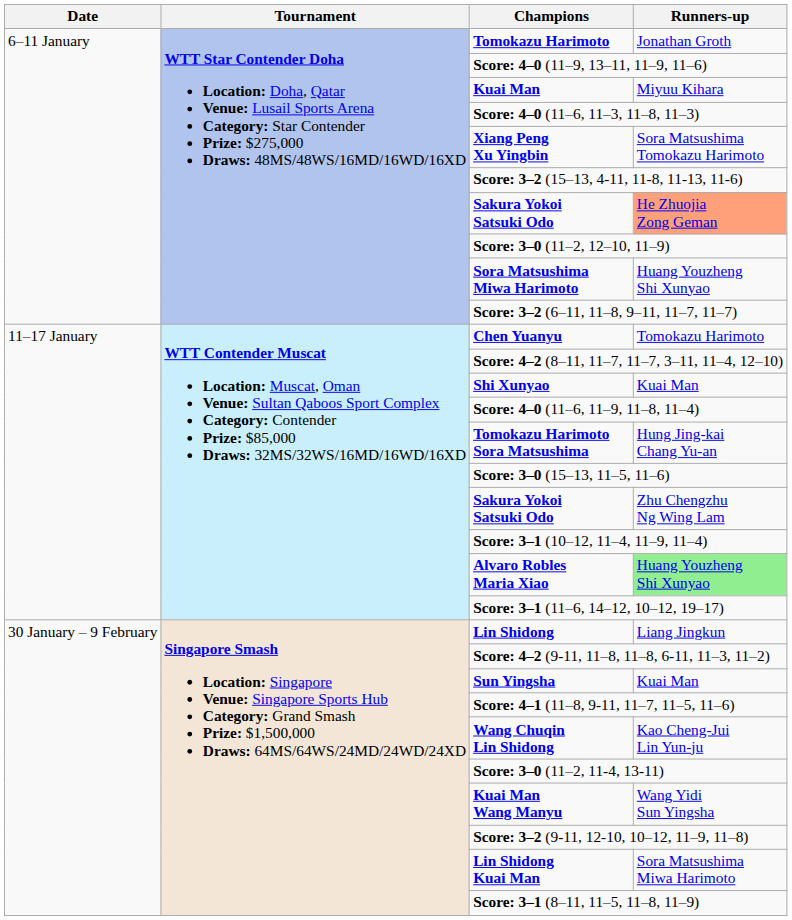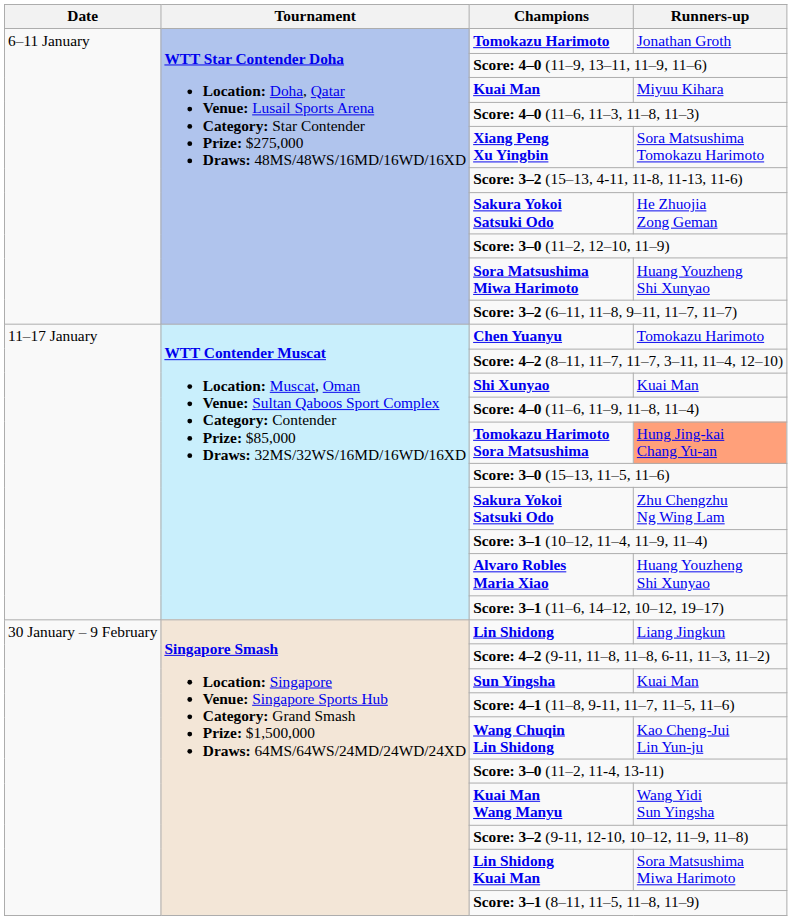 <table class="wikitable">
 <tr>
 <th scope=col>Date</th>
 <th scope=col>Tournament</th>
 <th scope=col>Champions</th>
 <th scope=col>Runners-up</th>
 </tr>
 <tr valign=top>
 <td rowspan=10>6–11 January</td>
 <td style="background:#b0c4ed;" rowspan="10"><br><strong><a href='#'>WTT Star Contender Doha</a></strong><ul><li><strong>Location:</strong> <a href='#'>Doha</a>, <a href='#'>Qatar</a></li><li><strong>Venue:</strong> <a href='#'>Lusail Sports Arena</a></li><li><strong>Category:</strong> Star Contender</li><li><strong>Prize:</strong> $275,000</li><li><strong>Draws:</strong> 48MS/48WS/16MD/16WD/16XD</li></ul></td>
 <td><strong> <a href='#'>Tomokazu Harimoto</a></strong></td>
 <td> <a href='#'>Jonathan Groth</a></td>
 </tr>
 <tr>
 <td colspan=2><strong>Score: 4–0</strong> (11–9, 13–11, 11–9, 11–6)</td>
 </tr>
 <tr valign=top>
 <td><strong> <a href='#'>Kuai Man</a></strong></td>
 <td> <a href='#'>Miyuu Kihara</a></td>
 </tr>
 <tr>
 <td colspan=2><strong>Score: 4–0</strong> (11–6, 11–3, 11–8, 11–3)</td>
 </tr>
 <tr valign=top>
 <td><strong> <a href='#'>Xiang Peng</a><br> <a href='#'>Xu Yingbin</a></strong></td>
 <td> <a href='#'>Sora Matsushima</a><br> <a href='#'>Tomokazu Harimoto</a></td>
 </tr>
 <tr>
 <td colspan=2><strong>Score: 3–2</strong> (15–13, 4-11, 11-8, 11-13, 11-6)</td>
 </tr>
 <tr valign=top>
 <td><strong> <a href='#'>Sakura Yokoi</a><br> <a href='#'>Satsuki Odo</a></strong></td>
-<td style="background: lightsalmon;"> <a href='#'>He Zhuojia</a><br> <a href='#'>Zong Geman</a></td>
+<td> <a href='#'>He Zhuojia</a><br> <a href='#'>Zong Geman</a></td>
 </tr>
 <tr>
 <td colspan=2><strong>Score: 3–0</strong> (11–2, 12–10, 11–9)</td>
 </tr>
 <tr valign=top>
 <td><strong> <a href='#'>Sora Matsushima</a><br> <a href='#'>Miwa Harimoto</a></strong></td>
 <td> <a href='#'>Huang Youzheng</a><br> <a href='#'>Shi Xunyao</a></td>
 </tr>
 <tr>
 <td colspan=2><strong>Score: 3–2</strong> (6–11, 11–8, 9–11, 11–7, 11–7)</td>
 </tr>
 <tr valign=top>
 <td rowspan=10>11–17 January</td>
 <td style="background:#C9EFFC;" rowspan="10"><br><strong><a href='#'>WTT Contender Muscat</a></strong><ul><li><strong>Location:</strong> <a href='#'>Muscat</a>, <a href='#'>Oman</a></li><li><strong>Venue:</strong> <a href='#'>Sultan Qaboos Sport Complex</a></li><li><strong>Category:</strong> Contender</li><li><strong>Prize:</strong> $85,000</li><li><strong>Draws:</strong> 32MS/32WS/16MD/16WD/16XD</li></ul></td>
 <td><strong> <a href='#'>Chen Yuanyu</a></strong></td>
 <td> <a href='#'>Tomokazu Harimoto</a></td>
 </tr>
 <tr>
 <td colspan=2><strong>Score: 4–2</strong> (8–11, 11–7, 11–7, 3–11, 11–4, 12–10)</td>
 </tr>
 <tr valign=top>
 <td><strong> <a href='#'>Shi Xunyao</a></strong></td>
 <td> <a href='#'>Kuai Man</a></td>
 </tr>
 <tr>
 <td colspan=2><strong>Score: 4–0</strong> (11–6, 11–9, 11–8, 11–4)</td>
 </tr>
 <tr valign=top>
 <td><strong> <a href='#'>Tomokazu Harimoto</a><br> <a href='#'>Sora Matsushima</a></strong></td>
-<td> <a href='#'>Hung Jing-kai</a><br> <a href='#'>Chang Yu-an</a></td>
+<td style="background: lightsalmon;"> <a href='#'>Hung Jing-kai</a><br> <a href='#'>Chang Yu-an</a></td>
 </tr>
 <tr>
 <td colspan=2><strong>Score: 3–0</strong> (15–13, 11–5, 11–6)</td>
 </tr>
 <tr valign=top>
 <td><strong> <a href='#'>Sakura Yokoi</a><br> <a href='#'>Satsuki Odo</a></strong></td>
 <td> <a href='#'>Zhu Chengzhu</a><br> <a href='#'>Ng Wing Lam</a></td>
 </tr>
 <tr>
 <td colspan=2><strong>Score: 3–1</strong> (10–12, 11–4, 11–9, 11–4)</td>
 </tr>
 <tr valign=top>
 <td><strong> <a href='#'>Alvaro Robles</a><br> <a href='#'>Maria Xiao</a></strong></td>
-<td style="background: lightgreen;"> <a href='#'>Huang Youzheng</a><br> <a href='#'>Shi Xunyao</a></td>
+<td> <a href='#'>Huang Youzheng</a><br> <a href='#'>Shi Xunyao</a></td>
 </tr>
 <tr>
 <td colspan=2><strong>Score: 3–1</strong> (11–6, 14–12, 10–12, 19–17)</td>
 </tr>
 <tr valign=top>
 <td rowspan=10>30 January – 9 February</td>
 <td style="background:#f3e6d7;" rowspan="10"><br><strong><a href='#'>Singapore Smash</a></strong><ul><li><strong>Location:</strong> <a href='#'>Singapore</a></li><li><strong>Venue:</strong> <a href='#'>Singapore Sports Hub</a></li><li><strong>Category:</strong> Grand Smash</li><li><strong>Prize:</strong> $1,500,000</li><li><strong>Draws:</strong> 64MS/64WS/24MD/24WD/24XD</li></ul></td>
 <td><strong> <a href='#'>Lin Shidong</a></strong></td>
 <td> <a href='#'>Liang Jingkun</a></td>
 </tr>
 <tr>
 <td colspan=2><strong>Score: 4–2</strong> (9-11, 11–8, 11–8, 6-11, 11–3, 11–2)</td>
 </tr>
 <tr valign=top>
 <td><strong> <a href='#'>Sun Yingsha</a></strong></td>
 <td> <a href='#'>Kuai Man</a></td>
 </tr>
 <tr>
 <td colspan=2><strong>Score: 4–1</strong> (11–8, 9-11, 11–7, 11–5, 11–6)</td>
 </tr>
 <tr valign=top>
 <td><strong> <a href='#'>Wang Chuqin</a><br> <a href='#'>Lin Shidong</a></strong></td>
 <td> <a href='#'>Kao Cheng-Jui</a><br> <a href='#'>Lin Yun-ju</a></td>
 </tr>
 <tr>
 <td colspan=2><strong>Score: 3–0</strong> (11–2, 11-4, 13-11)</td>
 </tr>
 <tr valign=top>
 <td><strong> <a href='#'>Kuai Man</a><br> <a href='#'>Wang Manyu</a></strong></td>
 <td> <a href='#'>Wang Yidi</a><br> <a href='#'>Sun Yingsha</a></td>
 </tr>
 <tr>
 <td colspan=2><strong>Score: 3–2</strong> (9-11, 12-10, 10–12, 11–9, 11–8)</td>
 </tr>
 <tr valign=top>
 <td><strong> <a href='#'>Lin Shidong</a><br> <a href='#'>Kuai Man</a></strong></td>
 <td> <a href='#'>Sora Matsushima</a><br> <a href='#'>Miwa Harimoto</a></td>
 </tr>
 <tr>
 <td colspan=2><strong>Score: 3–1</strong> (8–11, 11–5, 11–8, 11–9)</td>
 </tr>
 </table>
